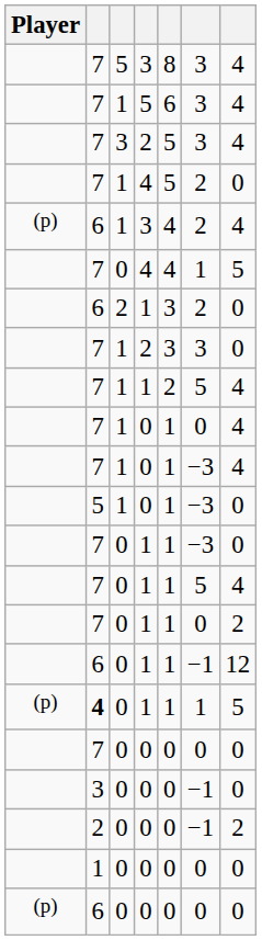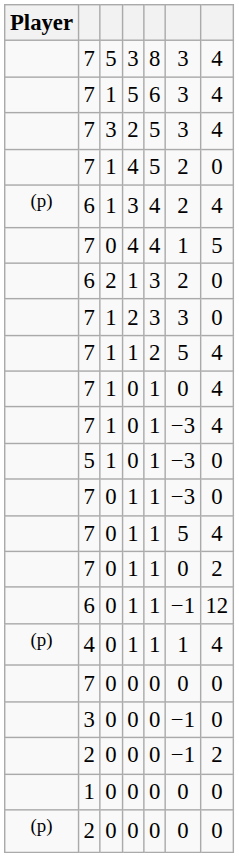 <table class="wikitable sortable" style="text-align:center;">
 <tr>
 <th>Player</th>
 <th></th>
 <th></th>
 <th></th>
 <th></th>
 <th data-sort-type="number"></th>
 <th></th>
 </tr>
 <tr>
 <td></td>
 <td>7</td>
 <td>5</td>
 <td>3</td>
 <td>8</td>
 <td>3</td>
 <td>4</td>
 </tr>
 <tr>
 <td></td>
 <td>7</td>
 <td>1</td>
 <td>5</td>
 <td>6</td>
 <td>3</td>
 <td>4</td>
 </tr>
 <tr>
 <td></td>
 <td>7</td>
 <td>3</td>
 <td>2</td>
 <td>5</td>
 <td>3</td>
 <td>4</td>
 </tr>
 <tr>
 <td></td>
 <td>7</td>
 <td>1</td>
 <td>4</td>
 <td>5</td>
 <td>2</td>
 <td>0</td>
 </tr>
 <tr>
 <td><sup>(p)</sup></td>
 <td>6</td>
 <td>1</td>
 <td>3</td>
 <td>4</td>
 <td>2</td>
 <td>4</td>
 </tr>
 <tr>
 <td></td>
 <td>7</td>
 <td>0</td>
 <td>4</td>
 <td>4</td>
 <td>1</td>
 <td>5</td>
 </tr>
 <tr>
 <td></td>
 <td>6</td>
 <td>2</td>
 <td>1</td>
 <td>3</td>
 <td>2</td>
 <td>0</td>
 </tr>
 <tr>
 <td></td>
 <td>7</td>
 <td>1</td>
 <td>2</td>
 <td>3</td>
 <td>3</td>
 <td>0</td>
 </tr>
 <tr>
 <td></td>
 <td>7</td>
 <td>1</td>
 <td>1</td>
 <td>2</td>
 <td>5</td>
 <td>4</td>
 </tr>
 <tr>
 <td></td>
 <td>7</td>
 <td>1</td>
 <td>0</td>
 <td>1</td>
 <td>0</td>
 <td>4</td>
 </tr>
 <tr>
 <td></td>
 <td>7</td>
 <td>1</td>
 <td>0</td>
 <td>1</td>
 <td>−3</td>
 <td>4</td>
 </tr>
 <tr>
 <td></td>
 <td>5</td>
 <td>1</td>
 <td>0</td>
 <td>1</td>
 <td>−3</td>
 <td>0</td>
 </tr>
 <tr>
 <td></td>
 <td>7</td>
 <td>0</td>
 <td>1</td>
 <td>1</td>
 <td>−3</td>
 <td>0</td>
 </tr>
 <tr>
 <td></td>
 <td>7</td>
 <td>0</td>
 <td>1</td>
 <td>1</td>
 <td>5</td>
 <td>4</td>
 </tr>
 <tr>
 <td></td>
 <td>7</td>
 <td>0</td>
 <td>1</td>
 <td>1</td>
 <td>0</td>
 <td>2</td>
 </tr>
 <tr>
 <td></td>
 <td>6</td>
 <td>0</td>
 <td>1</td>
 <td>1</td>
 <td>−1</td>
 <td>12</td>
 </tr>
 <tr>
 <td><sup>(p)</sup></td>
-<td><strong>4</strong></td>
+<td>4</td>
 <td>0</td>
 <td>1</td>
 <td>1</td>
 <td>1</td>
-<td>5</td>
+<td>4</td>
 </tr>
 <tr>
 <td></td>
 <td>7</td>
 <td>0</td>
 <td>0</td>
 <td>0</td>
 <td>0</td>
 <td>0</td>
 </tr>
 <tr>
 <td></td>
 <td>3</td>
 <td>0</td>
 <td>0</td>
 <td>0</td>
 <td>−1</td>
 <td>0</td>
 </tr>
 <tr>
 <td></td>
 <td>2</td>
 <td>0</td>
 <td>0</td>
 <td>0</td>
 <td>−1</td>
 <td>2</td>
 </tr>
 <tr>
 <td></td>
 <td>1</td>
 <td>0</td>
 <td>0</td>
 <td>0</td>
 <td>0</td>
 <td>0</td>
 </tr>
 <tr>
 <td><sup>(p)</sup></td>
-<td>6</td>
+<td>2</td>
 <td>0</td>
 <td>0</td>
 <td>0</td>
 <td>0</td>
 <td>0</td>
 </tr>
 </table>
